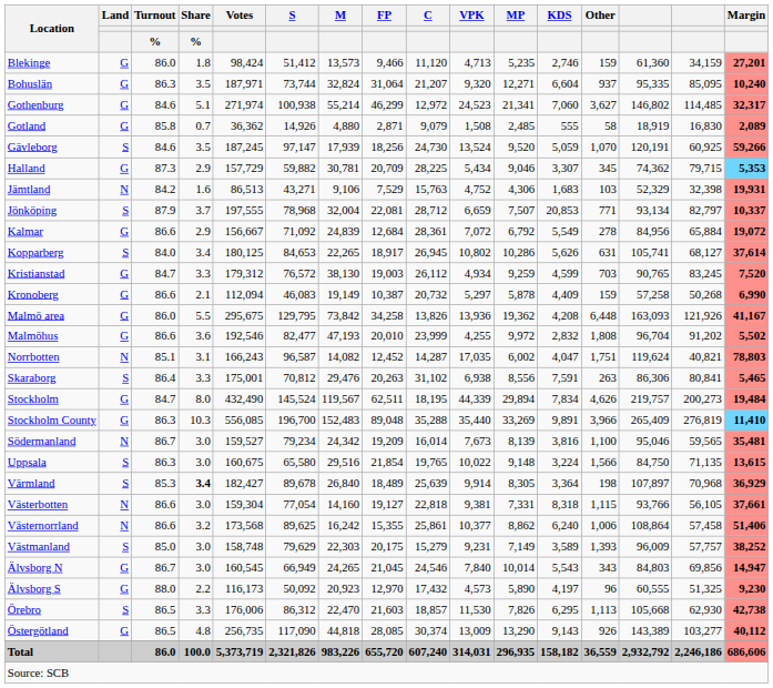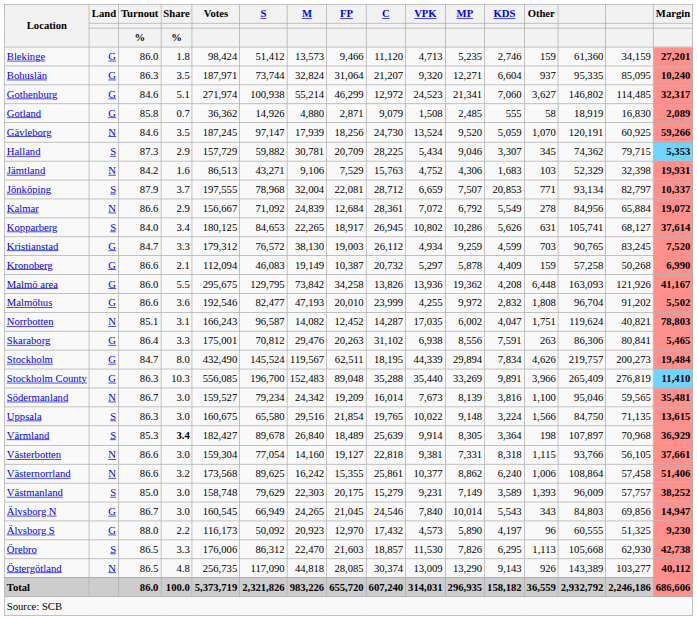 <table class="wikitable sortable" style="text-align:right; font-size:95%; line-height:20px;">
 <tr>
 <th rowspan="3">Location</th>
 <th>Land</th>
 <th>Turnout</th>
 <th>Share</th>
 <th>Votes</th>
 <th width="30px" class="unsortable"><a href='#'>S</a></th>
 <th width="30px" class="unsortable"><a href='#'>M</a></th>
 <th width="30px" class="unsortable"><a href='#'>FP</a></th>
 <th width="30px" class="unsortable"><a href='#'>C</a></th>
 <th width="30px" class="unsortable"><a href='#'>VPK</a></th>
 <th width="30px" class="unsortable"><a href='#'>MP</a></th>
 <th width="30px" class="unsortable"><a href='#'>KDS</a></th>
 <th width="30px" class="unsortable">Other</th>
 <th></th>
 <th></th>
 <th>Margin</th>
 </tr>
 <tr>
 <th></th>
 <th></th>
 <th></th>
 <th></th>
 <th style="background:"></th>
 <th style="background:"></th>
 <th style="background:"></th>
 <th style="background:"></th>
 <th style="background:"></th>
 <th style="background:"></th>
 <th style="background:"></th>
 <th style="background:"></th>
 <th style="background:"></th>
 <th style="background:"></th>
 <th></th>
 </tr>
 <tr>
 <th></th>
 <th data-sort-type="number">%</th>
 <th data-sort-type="number">%</th>
 <th></th>
 <th data-sort-type="number"></th>
 <th data-sort-type="number"></th>
 <th data-sort-type="number"></th>
 <th data-sort-type="number"></th>
 <th data-sort-type="number"></th>
 <th data-sort-type="number"></th>
 <th data-sort-type="number"></th>
 <th data-sort-type="number"></th>
 <th data-sort-type="number"></th>
 <th data-sort-type="number"></th>
 <th data-sort-type="number"></th>
 </tr>
 <tr>
 <td align=left><a href='#'>Blekinge</a></td>
 <td><a href='#'>G</a></td>
 <td>86.0</td>
 <td>1.8</td>
 <td>98,424</td>
 <td>51,412</td>
 <td>13,573</td>
 <td>9,466</td>
 <td>11,120</td>
 <td>4,713</td>
 <td>5,235</td>
 <td>2,746</td>
 <td>159</td>
 <td>61,360</td>
 <td>34,159</td>
 <td bgcolor=#ff908c><strong>27,201</strong></td>
 </tr>
 <tr>
 <td align=left><a href='#'>Bohuslän</a></td>
 <td><a href='#'>G</a></td>
 <td>86.3</td>
 <td>3.5</td>
 <td>187,971</td>
 <td>73,744</td>
 <td>32,824</td>
 <td>31,064</td>
 <td>21,207</td>
 <td>9,320</td>
 <td>12,271</td>
 <td>6,604</td>
 <td>937</td>
 <td>95,335</td>
 <td>85,095</td>
 <td bgcolor=#ff908c><strong>10,240</strong></td>
 </tr>
 <tr>
 <td align=left><a href='#'>Gothenburg</a></td>
 <td><a href='#'>G</a></td>
 <td>84.6</td>
 <td>5.1</td>
 <td>271,974</td>
 <td>100,938</td>
 <td>55,214</td>
 <td>46,299</td>
 <td>12,972</td>
 <td>24,523</td>
 <td>21,341</td>
 <td>7,060</td>
 <td>3,627</td>
 <td>146,802</td>
 <td>114,485</td>
 <td bgcolor=#ff908c><strong>32,317</strong></td>
 </tr>
 <tr>
 <td align=left><a href='#'>Gotland</a></td>
 <td><a href='#'>G</a></td>
 <td>85.8</td>
 <td>0.7</td>
 <td>36,362</td>
 <td>14,926</td>
 <td>4,880</td>
 <td>2,871</td>
 <td>9,079</td>
 <td>1,508</td>
 <td>2,485</td>
 <td>555</td>
 <td>58</td>
 <td>18,919</td>
 <td>16,830</td>
 <td bgcolor=#ff908c><strong>2,089</strong></td>
 </tr>
 <tr>
 <td align=left><a href='#'>Gävleborg</a></td>
-<td><a href='#'>S</a></td>
+<td><a href='#'>N</a></td>
 <td>84.6</td>
 <td>3.5</td>
 <td>187,245</td>
 <td>97,147</td>
 <td>17,939</td>
 <td>18,256</td>
 <td>24,730</td>
 <td>13,524</td>
 <td>9,520</td>
 <td>5,059</td>
 <td>1,070</td>
 <td>120,191</td>
 <td>60,925</td>
 <td bgcolor=#ff908c><strong>59,266</strong></td>
 </tr>
 <tr>
 <td align=left><a href='#'>Halland</a></td>
-<td><a href='#'>G</a></td>
+<td><a href='#'>S</a></td>
 <td>87.3</td>
 <td>2.9</td>
 <td>157,729</td>
 <td>59,882</td>
 <td>30,781</td>
 <td>20,709</td>
 <td>28,225</td>
 <td>5,434</td>
 <td>9,046</td>
 <td>3,307</td>
 <td>345</td>
 <td>74,362</td>
 <td>79,715</td>
 <td bgcolor=#6fd5fe><strong>5,353</strong></td>
 </tr>
 <tr>
 <td align=left><a href='#'>Jämtland</a></td>
 <td><a href='#'>N</a></td>
 <td>84.2</td>
 <td>1.6</td>
 <td>86,513</td>
 <td>43,271</td>
 <td>9,106</td>
 <td>7,529</td>
 <td>15,763</td>
 <td>4,752</td>
 <td>4,306</td>
 <td>1,683</td>
 <td>103</td>
 <td>52,329</td>
 <td>32,398</td>
 <td bgcolor=#ff908c><strong>19,931</strong></td>
 </tr>
 <tr>
 <td align=left><a href='#'>Jönköping</a></td>
 <td><a href='#'>S</a></td>
 <td>87.9</td>
 <td>3.7</td>
 <td>197,555</td>
 <td>78,968</td>
 <td>32,004</td>
 <td>22,081</td>
 <td>28,712</td>
 <td>6,659</td>
 <td>7,507</td>
 <td>20,853</td>
 <td>771</td>
 <td>93,134</td>
 <td>82,797</td>
 <td bgcolor=#ff908c><strong>10,337</strong></td>
 </tr>
 <tr>
 <td align=left><a href='#'>Kalmar</a></td>
-<td><a href='#'>G</a></td>
+<td><a href='#'>N</a></td>
 <td>86.6</td>
 <td>2.9</td>
 <td>156,667</td>
 <td>71,092</td>
 <td>24,839</td>
 <td>12,684</td>
 <td>28,361</td>
 <td>7,072</td>
 <td>6,792</td>
 <td>5,549</td>
 <td>278</td>
 <td>84,956</td>
 <td>65,884</td>
 <td bgcolor=#ff908c><strong>19,072</strong></td>
 </tr>
 <tr>
 <td align=left><a href='#'>Kopparberg</a></td>
 <td><a href='#'>S</a></td>
 <td>84.0</td>
 <td>3.4</td>
 <td>180,125</td>
 <td>84,653</td>
 <td>22,265</td>
 <td>18,917</td>
 <td>26,945</td>
 <td>10,802</td>
 <td>10,286</td>
 <td>5,626</td>
 <td>631</td>
 <td>105,741</td>
 <td>68,127</td>
 <td bgcolor=#ff908c><strong>37,614</strong></td>
 </tr>
 <tr>
 <td align=left><a href='#'>Kristianstad</a></td>
 <td><a href='#'>G</a></td>
 <td>84.7</td>
 <td>3.3</td>
 <td>179,312</td>
 <td>76,572</td>
 <td>38,130</td>
 <td>19,003</td>
 <td>26,112</td>
 <td>4,934</td>
 <td>9,259</td>
 <td>4,599</td>
 <td>703</td>
 <td>90,765</td>
 <td>83,245</td>
 <td bgcolor=#ff908c><strong>7,520</strong></td>
 </tr>
 <tr>
 <td align=left><a href='#'>Kronoberg</a></td>
 <td><a href='#'>G</a></td>
 <td>86.6</td>
 <td>2.1</td>
 <td>112,094</td>
 <td>46,083</td>
 <td>19,149</td>
 <td>10,387</td>
 <td>20,732</td>
 <td>5,297</td>
 <td>5,878</td>
 <td>4,409</td>
 <td>159</td>
 <td>57,258</td>
 <td>50,268</td>
 <td bgcolor=#ff908c><strong>6,990</strong></td>
 </tr>
 <tr>
 <td align=left><a href='#'>Malmö area</a></td>
 <td><a href='#'>G</a></td>
 <td>86.0</td>
 <td>5.5</td>
 <td>295,675</td>
 <td>129,795</td>
 <td>73,842</td>
 <td>34,258</td>
 <td>13,826</td>
 <td>13,936</td>
 <td>19,362</td>
 <td>4,208</td>
 <td>6,448</td>
 <td>163,093</td>
 <td>121,926</td>
 <td bgcolor=#ff908c><strong>41,167</strong></td>
 </tr>
 <tr>
 <td align=left><a href='#'>Malmöhus</a></td>
 <td><a href='#'>G</a></td>
 <td>86.6</td>
 <td>3.6</td>
 <td>192,546</td>
 <td>82,477</td>
 <td>47,193</td>
 <td>20,010</td>
 <td>23,999</td>
 <td>4,255</td>
 <td>9,972</td>
 <td>2,832</td>
 <td>1,808</td>
 <td>96,704</td>
 <td>91,202</td>
 <td bgcolor=#ff908c><strong>5,502</strong></td>
 </tr>
 <tr>
 <td align=left><a href='#'>Norrbotten</a></td>
 <td><a href='#'>N</a></td>
 <td>85.1</td>
 <td>3.1</td>
 <td>166,243</td>
 <td>96,587</td>
 <td>14,082</td>
 <td>12,452</td>
 <td>14,287</td>
 <td>17,035</td>
 <td>6,002</td>
 <td>4,047</td>
 <td>1,751</td>
 <td>119,624</td>
 <td>40,821</td>
 <td bgcolor=#ff908c><strong>78,803</strong></td>
 </tr>
 <tr>
 <td align=left><a href='#'>Skaraborg</a></td>
-<td><a href='#'>S</a></td>
+<td><a href='#'>G</a></td>
 <td>86.4</td>
 <td>3.3</td>
 <td>175,001</td>
 <td>70,812</td>
 <td>29,476</td>
 <td>20,263</td>
 <td>31,102</td>
 <td>6,938</td>
 <td>8,556</td>
 <td>7,591</td>
 <td>263</td>
 <td>86,306</td>
 <td>80,841</td>
 <td bgcolor=#ff908c><strong>5,465</strong></td>
 </tr>
 <tr>
 <td align=left><a href='#'>Stockholm</a></td>
 <td><a href='#'>G</a></td>
 <td>84.7</td>
 <td>8.0</td>
 <td>432,490</td>
 <td>145,524</td>
 <td>119,567</td>
 <td>62,511</td>
 <td>18,195</td>
 <td>44,339</td>
 <td>29,894</td>
 <td>7,834</td>
 <td>4,626</td>
 <td>219,757</td>
 <td>200,273</td>
 <td bgcolor=#ff908c><strong>19,484</strong></td>
 </tr>
 <tr>
 <td align=left><a href='#'>Stockholm County</a></td>
 <td><a href='#'>G</a></td>
 <td>86.3</td>
 <td>10.3</td>
 <td>556,085</td>
 <td>196,700</td>
 <td>152,483</td>
 <td>89,048</td>
 <td>35,288</td>
 <td>35,440</td>
 <td>33,269</td>
 <td>9,891</td>
 <td>3,966</td>
 <td>265,409</td>
 <td>276,819</td>
 <td bgcolor=#6fd5fe><strong>11,410</strong></td>
 </tr>
 <tr>
 <td align=left><a href='#'>Södermanland</a></td>
 <td><a href='#'>N</a></td>
 <td>86.7</td>
 <td>3.0</td>
 <td>159,527</td>
 <td>79,234</td>
 <td>24,342</td>
 <td>19,209</td>
 <td>16,014</td>
 <td>7,673</td>
 <td>8,139</td>
 <td>3,816</td>
 <td>1,100</td>
 <td>95,046</td>
 <td>59,565</td>
 <td bgcolor=#ff908c><strong>35,481</strong></td>
 </tr>
 <tr>
 <td align=left><a href='#'>Uppsala</a></td>
 <td><a href='#'>S</a></td>
 <td>86.3</td>
 <td>3.0</td>
 <td>160,675</td>
 <td>65,580</td>
 <td>29,516</td>
 <td>21,854</td>
 <td>19,765</td>
 <td>10,022</td>
 <td>9,148</td>
 <td>3,224</td>
 <td>1,566</td>
 <td>84,750</td>
 <td>71,135</td>
 <td bgcolor=#ff908c><strong>13,615</strong></td>
 </tr>
 <tr>
 <td align=left><a href='#'>Värmland</a></td>
 <td><a href='#'>S</a></td>
 <td>85.3</td>
 <td><strong>3.4</strong></td>
 <td>182,427</td>
 <td>89,678</td>
 <td>26,840</td>
 <td>18,489</td>
 <td>25,639</td>
 <td>9,914</td>
 <td>8,305</td>
 <td>3,364</td>
 <td>198</td>
 <td>107,897</td>
 <td>70,968</td>
 <td bgcolor=#ff908c><strong>36,929</strong></td>
 </tr>
 <tr>
 <td align=left><a href='#'>Västerbotten</a></td>
 <td><a href='#'>N</a></td>
 <td>86.6</td>
 <td>3.0</td>
 <td>159,304</td>
 <td>77,054</td>
 <td>14,160</td>
 <td>19,127</td>
 <td>22,818</td>
 <td>9,381</td>
 <td>7,331</td>
 <td>8,318</td>
 <td>1,115</td>
 <td>93,766</td>
 <td>56,105</td>
 <td bgcolor=#ff908c><strong>37,661</strong></td>
 </tr>
 <tr>
 <td align=left><a href='#'>Västernorrland</a></td>
 <td><a href='#'>N</a></td>
 <td>86.6</td>
 <td>3.2</td>
 <td>173,568</td>
 <td>89,625</td>
 <td>16,242</td>
 <td>15,355</td>
 <td>25,861</td>
 <td>10,377</td>
 <td>8,862</td>
 <td>6,240</td>
 <td>1,006</td>
 <td>108,864</td>
 <td>57,458</td>
 <td bgcolor=#ff908c><strong>51,406</strong></td>
 </tr>
 <tr>
 <td align=left><a href='#'>Västmanland</a></td>
 <td><a href='#'>S</a></td>
 <td>85.0</td>
 <td>3.0</td>
 <td>158,748</td>
 <td>79,629</td>
 <td>22,303</td>
 <td>20,175</td>
 <td>15,279</td>
 <td>9,231</td>
 <td>7,149</td>
 <td>3,589</td>
 <td>1,393</td>
 <td>96,009</td>
 <td>57,757</td>
 <td bgcolor=#ff908c><strong>38,252</strong></td>
 </tr>
 <tr>
 <td align=left><a href='#'>Älvsborg N</a></td>
 <td><a href='#'>G</a></td>
 <td>86.7</td>
 <td>3.0</td>
 <td>160,545</td>
 <td>66,949</td>
 <td>24,265</td>
 <td>21,045</td>
 <td>24,546</td>
 <td>7,840</td>
 <td>10,014</td>
 <td>5,543</td>
 <td>343</td>
 <td>84,803</td>
 <td>69,856</td>
 <td bgcolor=#ff908c><strong>14,947</strong></td>
 </tr>
 <tr>
 <td align=left><a href='#'>Älvsborg S</a></td>
 <td><a href='#'>G</a></td>
 <td>88.0</td>
 <td>2.2</td>
 <td>116,173</td>
 <td>50,092</td>
 <td>20,923</td>
 <td>12,970</td>
 <td>17,432</td>
 <td>4,573</td>
 <td>5,890</td>
 <td>4,197</td>
 <td>96</td>
 <td>60,555</td>
 <td>51,325</td>
 <td bgcolor=#ff908c><strong>9,230</strong></td>
 </tr>
 <tr>
 <td align=left><a href='#'>Örebro</a></td>
 <td><a href='#'>S</a></td>
 <td>86.5</td>
 <td>3.3</td>
 <td>176,006</td>
 <td>86,312</td>
 <td>22,470</td>
 <td>21,603</td>
 <td>18,857</td>
 <td>11,530</td>
 <td>7,826</td>
 <td>6,295</td>
 <td>1,113</td>
 <td>105,668</td>
 <td>62,930</td>
 <td bgcolor=#ff908c><strong>42,738</strong></td>
 </tr>
 <tr>
 <td align=left><a href='#'>Östergötland</a></td>
-<td><a href='#'>G</a></td>
+<td><a href='#'>N</a></td>
 <td>86.5</td>
 <td>4.8</td>
 <td>256,735</td>
 <td>117,090</td>
 <td>44,818</td>
 <td>28,085</td>
 <td>30,374</td>
 <td>13,009</td>
 <td>13,290</td>
 <td>9,143</td>
 <td>926</td>
 <td>143,389</td>
 <td>103,277</td>
 <td bgcolor=#ff908c><strong>40,112</strong></td>
 </tr>
 <tr>
 </tr>
 <tr style="background:#CDCDCD;">
 <td align=left><strong>Total</strong></td>
 <td></td>
 <td><strong>86.0</strong></td>
 <td><strong>100.0</strong></td>
 <td><strong>5,373,719</strong></td>
 <td><strong>2,321,826</strong></td>
 <td><strong>983,226</strong></td>
 <td><strong>655,720</strong></td>
 <td><strong>607,240</strong></td>
 <td><strong>314,031</strong></td>
 <td><strong>296,935</strong></td>
 <td><strong>158,182</strong></td>
 <td><strong>36,559</strong></td>
 <td><strong>2,932,792</strong></td>
 <td><strong>2,246,186</strong></td>
 <td bgcolor=#ff908c><strong>686,606</strong></td>
 </tr>
 <tr>
 <td align=left colspan=16>Source: SCB </td>
 </tr>
 </table>
